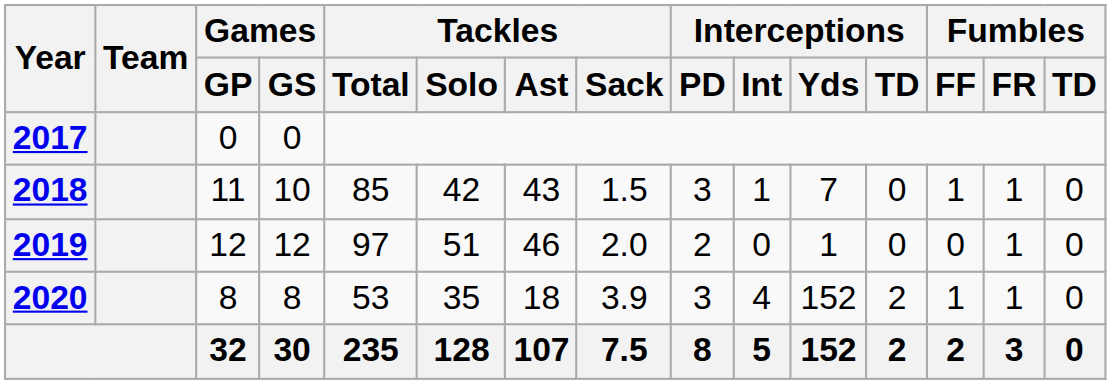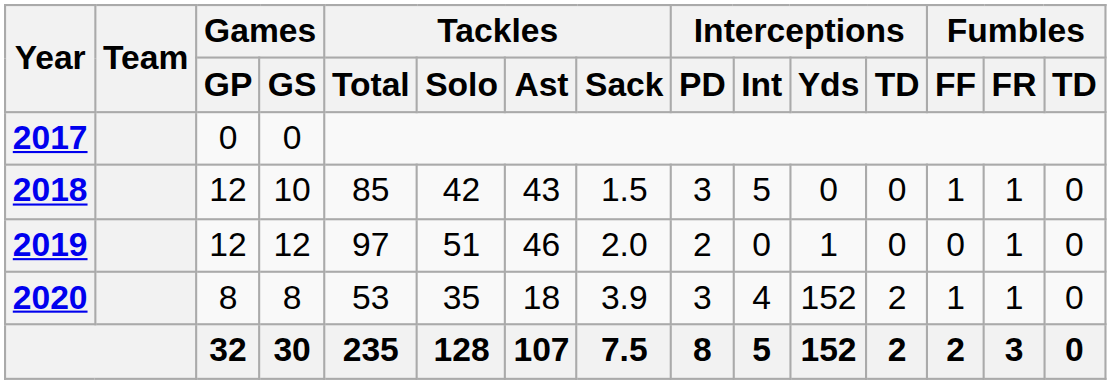 <table class="wikitable" style="text-align:center;">
 <tr>
 <th rowspan="2">Year</th>
 <th rowspan="2">Team</th>
 <th colspan="2">Games</th>
 <th colspan="4">Tackles</th>
 <th colspan="4">Interceptions</th>
 <th colspan="3">Fumbles</th>
 </tr>
 <tr>
 <th>GP</th>
 <th>GS</th>
 <th>Total</th>
 <th>Solo</th>
 <th>Ast</th>
 <th>Sack</th>
 <th>PD</th>
 <th>Int</th>
 <th>Yds</th>
 <th>TD</th>
 <th>FF</th>
 <th>FR</th>
 <th>TD</th>
 </tr>
 <tr>
 <th><a href='#'>2017</a></th>
 <th><a href='#'></a></th>
 <td>0</td>
 <td>0</td>
 <td colspan="11"></td>
 </tr>
 <tr>
 <th><a href='#'>2018</a></th>
 <th><a href='#'></a></th>
-<td>11</td>
+<td>12</td>
 <td>10</td>
 <td>85</td>
 <td>42</td>
 <td>43</td>
 <td>1.5</td>
 <td>3</td>
-<td>1</td>
-<td>7</td>
+<td>5</td>
+<td>0</td>
 <td>0</td>
 <td>1</td>
 <td>1</td>
 <td>0</td>
 </tr>
 <tr>
 <th><a href='#'>2019</a></th>
 <th><a href='#'></a></th>
 <td>12</td>
 <td>12</td>
 <td>97</td>
 <td>51</td>
 <td>46</td>
 <td>2.0</td>
 <td>2</td>
 <td>0</td>
 <td>1</td>
 <td>0</td>
 <td>0</td>
 <td>1</td>
 <td>0</td>
 </tr>
 <tr>
 <th><a href='#'>2020</a></th>
 <th><a href='#'></a></th>
 <td>8</td>
 <td>8</td>
 <td>53</td>
 <td>35</td>
 <td>18</td>
 <td>3.9</td>
 <td>3</td>
 <td>4</td>
 <td>152</td>
 <td>2</td>
 <td>1</td>
 <td>1</td>
 <td>0</td>
 </tr>
 <tr>
 <th align=center colspan="2"></th>
 <th>32</th>
 <th>30</th>
 <th>235</th>
 <th>128</th>
 <th>107</th>
 <th>7.5</th>
 <th>8</th>
 <th>5</th>
 <th>152</th>
 <th>2</th>
 <th>2</th>
 <th>3</th>
 <th>0</th>
 </tr>
 </table>
